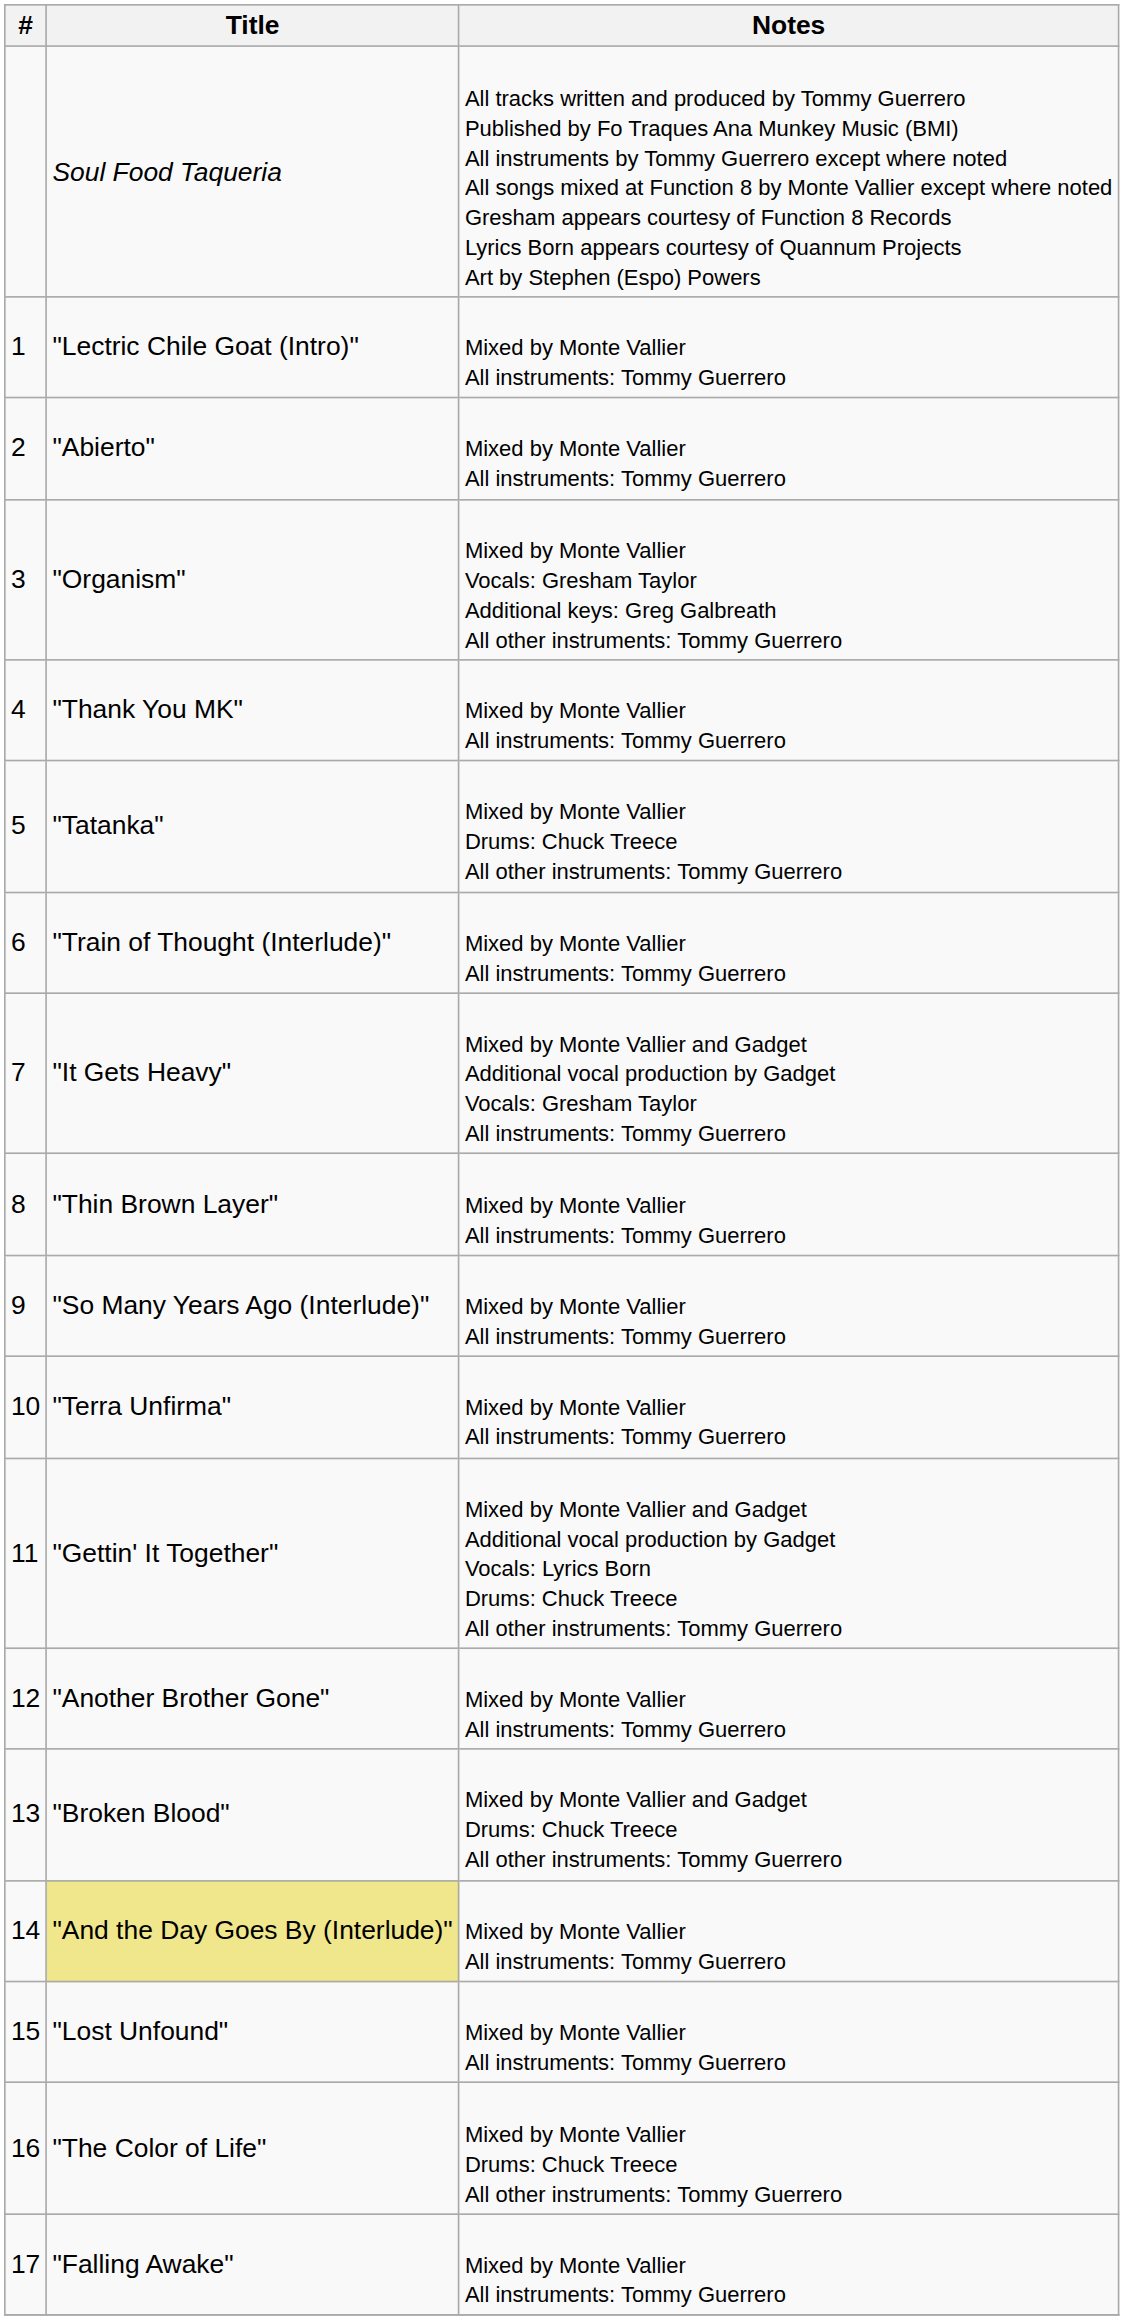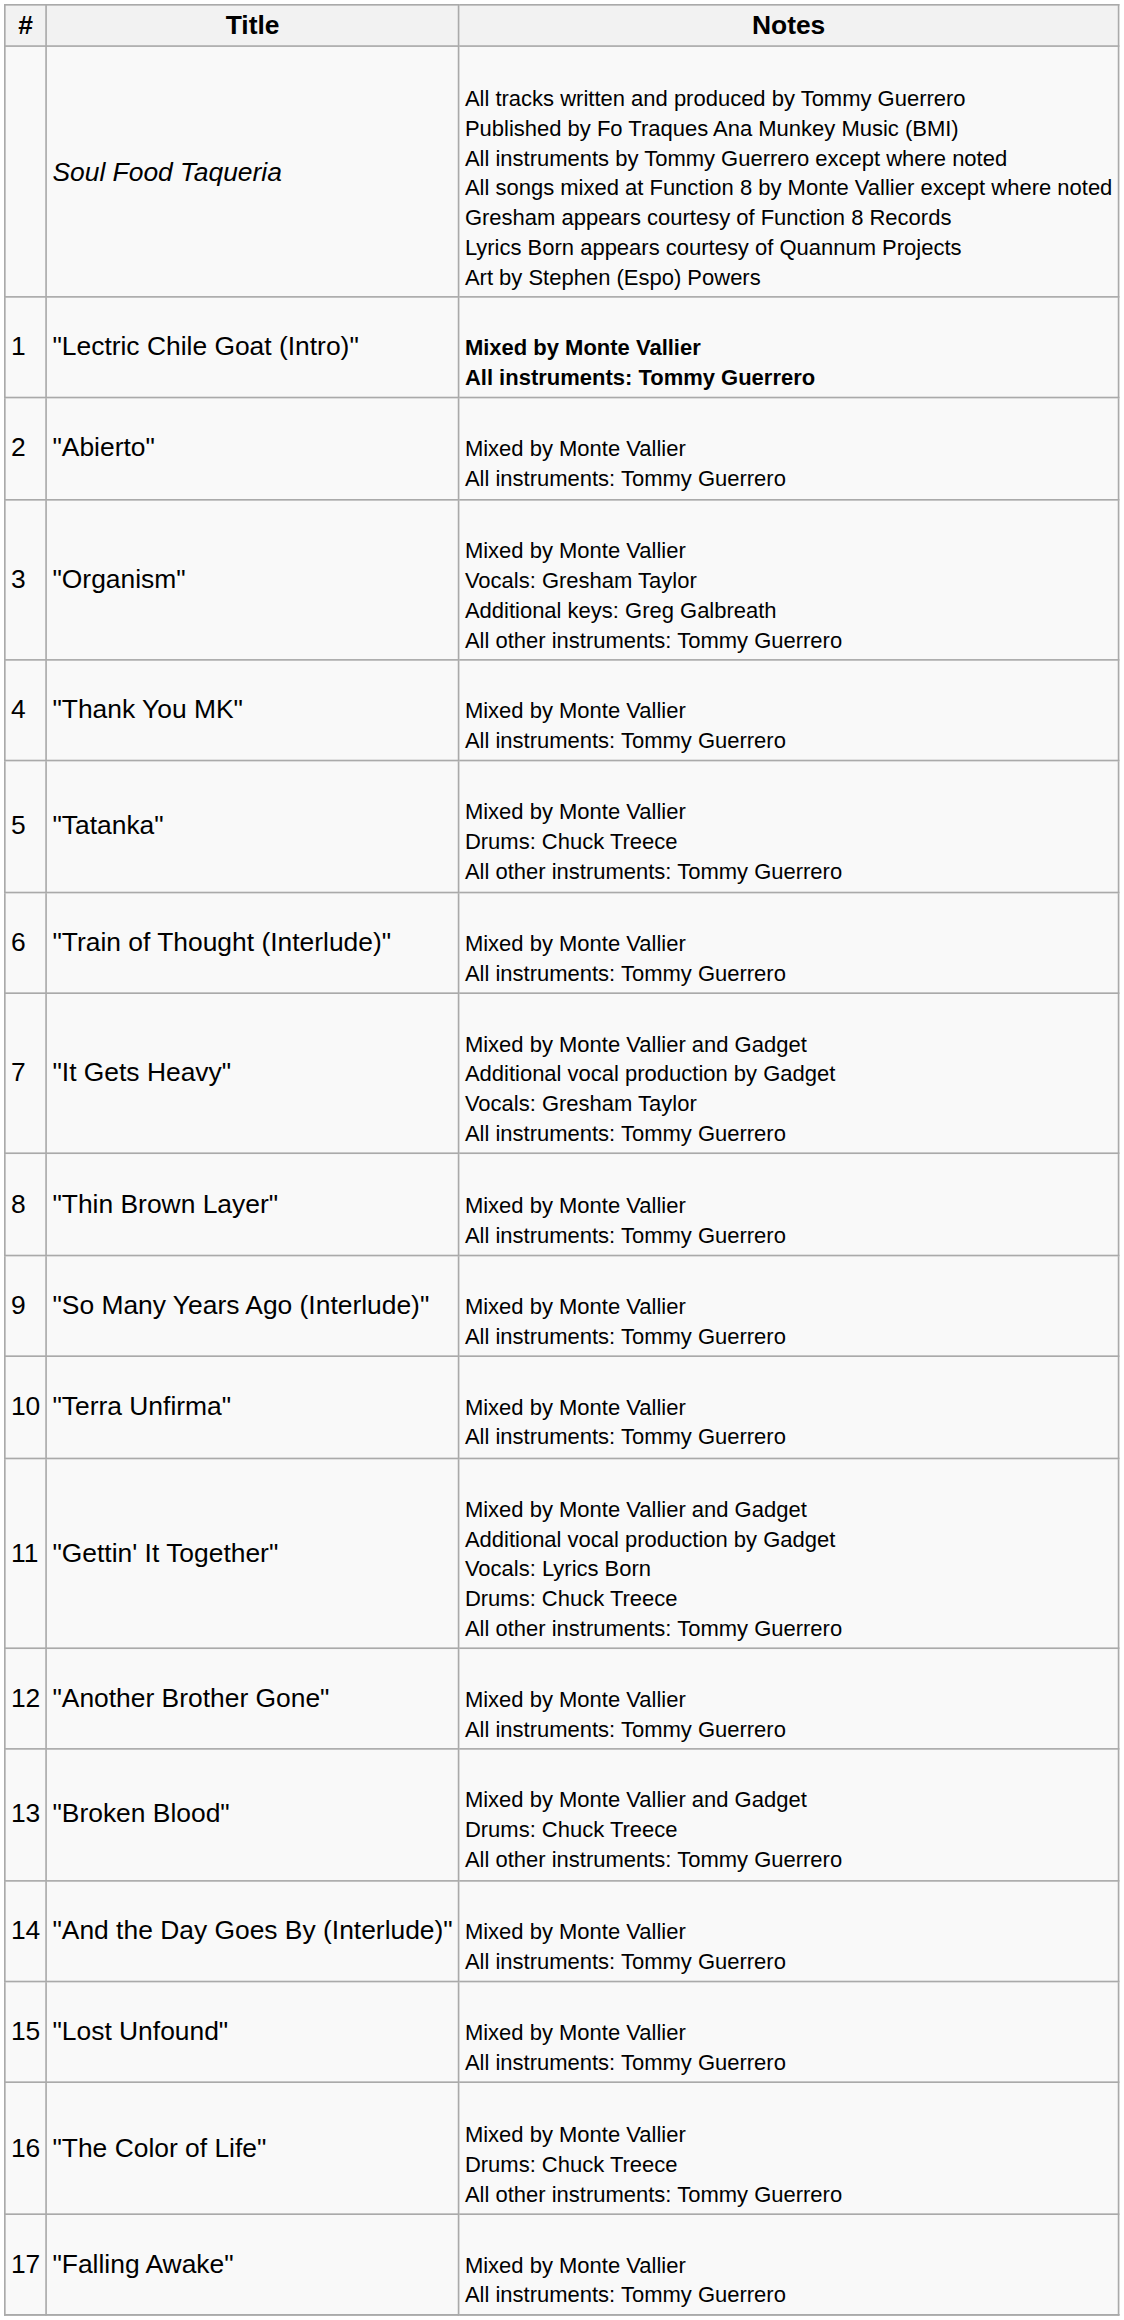 <table class="wikitable">
 <tr>
 <th>#</th>
 <th>Title</th>
 <th>Notes</th>
 </tr>
 <tr>
 <td></td>
 <td><em>Soul Food Taqueria</em></td>
 <td><br><small>All tracks written and produced by Tommy Guerrero <br>Published by Fo Traques Ana Munkey Music (BMI) <br>All instruments by Tommy Guerrero except where noted <br>All songs mixed at Function 8 by Monte Vallier except where noted <br>Gresham appears courtesy of Function 8 Records <br>Lyrics Born appears courtesy of Quannum Projects <br>Art by Stephen (Espo) Powers</small></td>
 </tr>
 <tr>
 <td>1</td>
 <td>"Lectric Chile Goat (Intro)"</td>
-<td><br><small>Mixed by Monte Vallier <br>All instruments: Tommy Guerrero</small></td>
+<td><strong><br><small>Mixed by Monte Vallier <br>All instruments: Tommy Guerrero</small></strong></td>
 </tr>
 <tr>
 <td>2</td>
 <td>"Abierto"</td>
 <td><br><small>Mixed by Monte Vallier <br>All instruments: Tommy Guerrero</small></td>
 </tr>
 <tr>
 <td>3</td>
 <td>"Organism"</td>
 <td><br><small>Mixed by Monte Vallier <br> Vocals: Gresham Taylor <br>Additional keys: Greg Galbreath <br>All other instruments: Tommy Guerrero</small></td>
 </tr>
 <tr>
 <td>4</td>
 <td>"Thank You MK"</td>
 <td><br><small>Mixed by Monte Vallier <br>All instruments: Tommy Guerrero</small></td>
 </tr>
 <tr>
 <td>5</td>
 <td>"Tatanka"</td>
 <td><br><small>Mixed by Monte Vallier <br> Drums: Chuck Treece <br>All other instruments: Tommy Guerrero</small></td>
 </tr>
 <tr>
 <td>6</td>
 <td>"Train of Thought (Interlude)"</td>
 <td><br><small>Mixed by Monte Vallier <br>All instruments: Tommy Guerrero</small></td>
 </tr>
 <tr>
 <td>7</td>
 <td>"It Gets Heavy"</td>
 <td><br><small>Mixed by Monte Vallier and Gadget <br>Additional vocal production by Gadget <br>Vocals: Gresham Taylor <br>All instruments: Tommy Guerrero</small></td>
 </tr>
 <tr>
 <td>8</td>
 <td>"Thin Brown Layer"</td>
 <td><br><small>Mixed by Monte Vallier <br>All instruments: Tommy Guerrero</small></td>
 </tr>
 <tr>
 <td>9</td>
 <td>"So Many Years Ago (Interlude)"</td>
 <td><br><small>Mixed by Monte Vallier <br>All instruments: Tommy Guerrero</small></td>
 </tr>
 <tr>
 <td>10</td>
 <td>"Terra Unfirma"</td>
 <td><br><small>Mixed by Monte Vallier <br>All instruments: Tommy Guerrero</small></td>
 </tr>
 <tr>
 <td>11</td>
 <td>"Gettin' It Together"</td>
 <td><br><small>Mixed by Monte Vallier and Gadget <br>Additional vocal production by Gadget <br>Vocals: Lyrics Born <br>Drums: Chuck Treece <br>All other instruments: Tommy Guerrero</small></td>
 </tr>
 <tr>
 <td>12</td>
 <td>"Another Brother Gone"</td>
 <td><br><small>Mixed by Monte Vallier <br>All instruments: Tommy Guerrero</small></td>
 </tr>
 <tr>
 <td>13</td>
 <td>"Broken Blood"</td>
 <td><br><small>Mixed by Monte Vallier and Gadget <br> Drums: Chuck Treece <br>All other instruments: Tommy Guerrero</small></td>
 </tr>
 <tr>
 <td>14</td>
-<td style="background: khaki;">"And the Day Goes By (Interlude)"</td>
+<td>"And the Day Goes By (Interlude)"</td>
 <td><br><small>Mixed by Monte Vallier <br>All instruments: Tommy Guerrero</small></td>
 </tr>
 <tr>
 <td>15</td>
 <td>"Lost Unfound"</td>
 <td><br><small>Mixed by Monte Vallier <br>All instruments: Tommy Guerrero</small></td>
 </tr>
 <tr>
 <td>16</td>
 <td>"The Color of Life"</td>
 <td><br><small>Mixed by Monte Vallier <br> Drums: Chuck Treece <br>All other instruments: Tommy Guerrero</small></td>
 </tr>
 <tr>
 <td>17</td>
 <td>"Falling Awake"</td>
 <td><br><small>Mixed by Monte Vallier <br>All instruments: Tommy Guerrero</small></td>
 </tr>
 <tr>
 </tr>
 </table>
